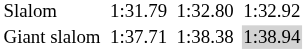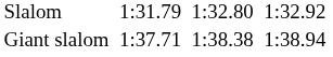 <table>
 <tr>
 <td>Slalom</td>
 <td></td>
 <td>1:31.79</td>
 <td></td>
 <td>1:32.80</td>
 <td></td>
 <td>1:32.92</td>
 </tr>
 <tr>
 <td>Giant slalom</td>
 <td></td>
 <td>1:37.71</td>
 <td></td>
 <td>1:38.38</td>
 <td></td>
-<td style="background: lightgrey;">1:38.94</td>
+<td>1:38.94</td>
 </tr>
 </table>
